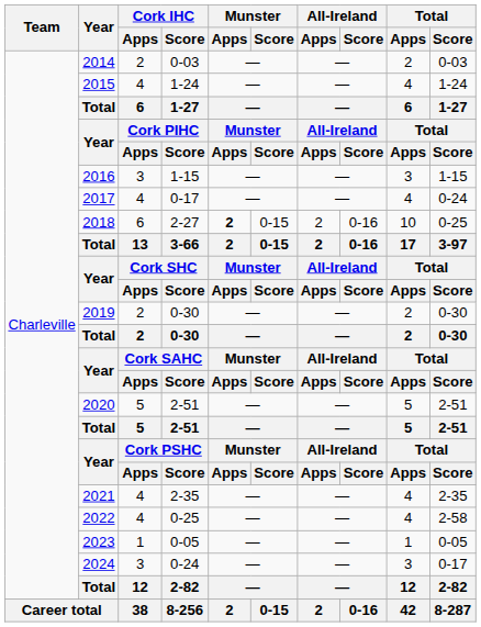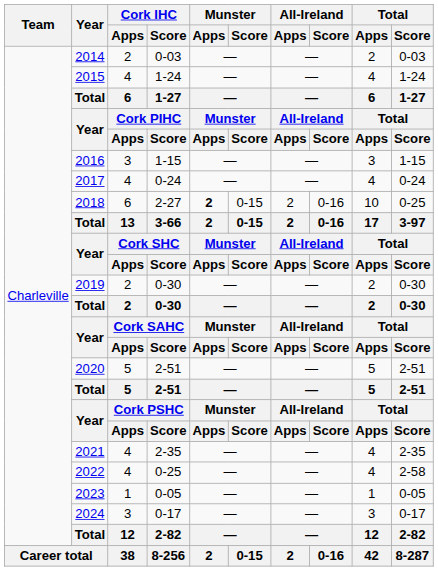 <table class="wikitable" style="text-align:center">
 <tr>
 <th rowspan="2">Team</th>
 <th rowspan="2">Year</th>
 <th colspan="2"><a href='#'>Cork IHC</a></th>
 <th colspan="2">Munster</th>
 <th colspan="2">All-Ireland</th>
 <th colspan="2">Total</th>
 </tr>
 <tr>
 <th>Apps</th>
 <th>Score</th>
 <th>Apps</th>
 <th>Score</th>
 <th>Apps</th>
 <th>Score</th>
 <th>Apps</th>
 <th>Score</th>
 </tr>
 <tr>
 <td rowspan="24"><a href='#'>Charleville</a></td>
 <td><a href='#'>2014</a></td>
 <td>2</td>
 <td>0-03</td>
 <td colspan=2>—</td>
 <td colspan=2>—</td>
 <td>2</td>
 <td>0-03</td>
 </tr>
 <tr>
 <td><a href='#'>2015</a></td>
 <td>4</td>
 <td>1-24</td>
 <td colspan=2>—</td>
 <td colspan=2>—</td>
 <td>4</td>
 <td>1-24</td>
 </tr>
 <tr>
 <th>Total</th>
 <th>6</th>
 <th>1-27</th>
 <th colspan=2>—</th>
 <th colspan=2>—</th>
 <th>6</th>
 <th>1-27</th>
 </tr>
 <tr>
 <th rowspan=2>Year</th>
 <th colspan=2><a href='#'>Cork PIHC</a></th>
 <th colspan=2><a href='#'>Munster</a></th>
 <th colspan=2><a href='#'>All-Ireland</a></th>
 <th colspan=2>Total</th>
 </tr>
 <tr>
 <th>Apps</th>
 <th>Score</th>
 <th>Apps</th>
 <th>Score</th>
 <th>Apps</th>
 <th>Score</th>
 <th>Apps</th>
 <th>Score</th>
 </tr>
 <tr>
 <td><a href='#'>2016</a></td>
 <td>3</td>
 <td>1-15</td>
 <td colspan=2>—</td>
 <td colspan=2>—</td>
 <td>3</td>
 <td>1-15</td>
 </tr>
 <tr>
 <td><a href='#'>2017</a></td>
 <td>4</td>
-<td>0-17</td>
+<td>0-24</td>
 <td colspan=2>—</td>
 <td colspan=2>—</td>
 <td>4</td>
 <td>0-24</td>
 </tr>
 <tr>
 <td><a href='#'>2018</a></td>
 <td>6</td>
 <td>2-27</td>
 <td><strong>2</strong></td>
 <td>0-15</td>
 <td>2</td>
 <td>0-16</td>
 <td>10</td>
 <td>0-25</td>
 </tr>
 <tr>
 <th>Total</th>
 <th>13</th>
 <th>3-66</th>
 <th>2</th>
 <th>0-15</th>
 <th>2</th>
 <th>0-16</th>
 <th>17</th>
 <th>3-97</th>
 </tr>
 <tr>
 <th rowspan=2>Year</th>
 <th colspan=2><a href='#'>Cork SHC</a></th>
 <th colspan=2><a href='#'>Munster</a></th>
 <th colspan=2><a href='#'>All-Ireland</a></th>
 <th colspan=2>Total</th>
 </tr>
 <tr>
 <th>Apps</th>
 <th>Score</th>
 <th>Apps</th>
 <th>Score</th>
 <th>Apps</th>
 <th>Score</th>
 <th>Apps</th>
 <th>Score</th>
 </tr>
 <tr>
 <td><a href='#'>2019</a></td>
 <td>2</td>
 <td>0-30</td>
 <td colspan=2>—</td>
 <td colspan=2>—</td>
 <td>2</td>
 <td>0-30</td>
 </tr>
 <tr>
 <th>Total</th>
 <th>2</th>
 <th>0-30</th>
 <th colspan=2>—</th>
 <th colspan=2>—</th>
 <th>2</th>
 <th>0-30</th>
 </tr>
 <tr>
 <th rowspan=2>Year</th>
 <th colspan=2><a href='#'>Cork SAHC</a></th>
 <th colspan=2>Munster</th>
 <th colspan=2>All-Ireland</th>
 <th colspan=2>Total</th>
 </tr>
 <tr>
 <th>Apps</th>
 <th>Score</th>
 <th>Apps</th>
 <th>Score</th>
 <th>Apps</th>
 <th>Score</th>
 <th>Apps</th>
 <th>Score</th>
 </tr>
 <tr>
 <td><a href='#'>2020</a></td>
 <td>5</td>
 <td>2-51</td>
 <td colspan=2>—</td>
 <td colspan=2>—</td>
 <td>5</td>
 <td>2-51</td>
 </tr>
 <tr>
 <th>Total</th>
 <th>5</th>
 <th>2-51</th>
 <th colspan=2>—</th>
 <th colspan=2>—</th>
 <th>5</th>
 <th>2-51</th>
 </tr>
 <tr>
 <th rowspan=2>Year</th>
 <th colspan=2><a href='#'>Cork PSHC</a></th>
 <th colspan=2>Munster</th>
 <th colspan=2>All-Ireland</th>
 <th colspan=2>Total</th>
 </tr>
 <tr>
 <th>Apps</th>
 <th>Score</th>
 <th>Apps</th>
 <th>Score</th>
 <th>Apps</th>
 <th>Score</th>
 <th>Apps</th>
 <th>Score</th>
 </tr>
 <tr>
 <td><a href='#'>2021</a></td>
 <td>4</td>
 <td>2-35</td>
 <td colspan=2>—</td>
 <td colspan=2>—</td>
 <td>4</td>
 <td>2-35</td>
 </tr>
 <tr>
 <td><a href='#'>2022</a></td>
 <td>4</td>
 <td>0-25</td>
 <td colspan=2>—</td>
 <td colspan=2>—</td>
 <td>4</td>
 <td>2-58</td>
 </tr>
 <tr>
 <td><a href='#'>2023</a></td>
 <td>1</td>
 <td>0-05</td>
 <td colspan=2>—</td>
 <td colspan=2>—</td>
 <td>1</td>
 <td>0-05</td>
 </tr>
 <tr>
 <td><a href='#'>2024</a></td>
 <td>3</td>
-<td>0-24</td>
+<td>0-17</td>
 <td colspan=2>—</td>
 <td colspan=2>—</td>
 <td>3</td>
 <td>0-17</td>
 </tr>
 <tr>
 <th>Total</th>
 <th>12</th>
 <th>2-82</th>
 <th colspan=2>—</th>
 <th colspan=2>—</th>
 <th>12</th>
 <th>2-82</th>
 </tr>
 <tr>
 <th colspan="2">Career total</th>
 <th>38</th>
 <th>8-256</th>
 <th>2</th>
 <th>0-15</th>
 <th>2</th>
 <th>0-16</th>
 <th>42</th>
 <th>8-287</th>
 </tr>
 </table>
